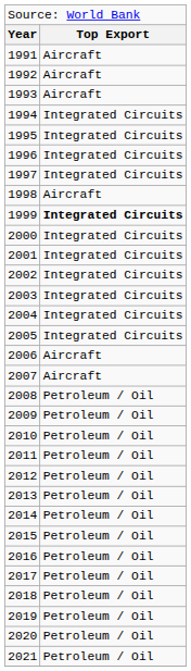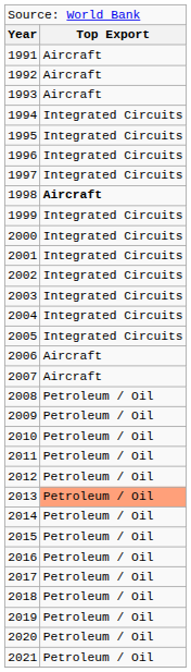 <table class="wikitable sortable"|>
 <tr>
 <td colspan="2”">Source: <a href='#'>World Bank</a></td>
 </tr>
 <tr>
 <th nowrap><strong>Year</strong></th>
 <th nowrap><strong>Top Export </strong></th>
 </tr>
 <tr>
 <td>1991</td>
 <td>Aircraft</td>
 </tr>
 <tr>
 <td>1992</td>
 <td>Aircraft</td>
 </tr>
 <tr>
 <td>1993</td>
 <td>Aircraft</td>
 </tr>
 <tr>
 <td>1994</td>
 <td>Integrated Circuits</td>
 </tr>
 <tr>
 <td>1995</td>
 <td>Integrated Circuits</td>
 </tr>
 <tr>
 <td>1996</td>
 <td>Integrated Circuits</td>
 </tr>
 <tr>
 <td>1997</td>
 <td>Integrated Circuits</td>
 </tr>
 <tr>
 <td>1998</td>
-<td>Aircraft</td>
+<td><strong>Aircraft</strong></td>
 </tr>
 <tr>
 <td>1999</td>
-<td><strong>Integrated Circuits</strong></td>
+<td>Integrated Circuits</td>
 </tr>
 <tr>
 <td>2000</td>
 <td>Integrated Circuits</td>
 </tr>
 <tr>
 <td>2001</td>
 <td>Integrated Circuits</td>
 </tr>
 <tr>
 <td>2002</td>
 <td>Integrated Circuits</td>
 </tr>
 <tr>
 <td>2003</td>
 <td>Integrated Circuits</td>
 </tr>
 <tr>
 <td>2004</td>
 <td>Integrated Circuits</td>
 </tr>
 <tr>
 <td>2005</td>
 <td>Integrated Circuits</td>
 </tr>
 <tr>
 <td>2006</td>
 <td>Aircraft</td>
 </tr>
 <tr>
 <td>2007</td>
 <td>Aircraft</td>
 </tr>
 <tr>
 <td>2008</td>
 <td>Petroleum / Oil</td>
 </tr>
 <tr>
 <td>2009</td>
 <td>Petroleum / Oil</td>
 </tr>
 <tr>
 <td>2010</td>
 <td>Petroleum / Oil</td>
 </tr>
 <tr>
 <td>2011</td>
 <td>Petroleum / Oil</td>
 </tr>
 <tr>
 <td>2012</td>
 <td>Petroleum / Oil</td>
 </tr>
 <tr>
 <td>2013</td>
-<td>Petroleum / Oil</td>
+<td style="background: lightsalmon;">Petroleum / Oil</td>
 </tr>
 <tr>
 <td>2014</td>
 <td>Petroleum / Oil</td>
 </tr>
 <tr>
 <td>2015</td>
 <td>Petroleum / Oil</td>
 </tr>
 <tr>
 <td>2016</td>
 <td>Petroleum / Oil</td>
 </tr>
 <tr>
 <td>2017</td>
 <td>Petroleum / Oil</td>
 </tr>
 <tr>
 <td>2018</td>
 <td>Petroleum / Oil</td>
 </tr>
 <tr>
 <td>2019</td>
 <td>Petroleum / Oil</td>
 </tr>
 <tr>
 <td>2020</td>
 <td>Petroleum / Oil</td>
 </tr>
 <tr>
 <td>2021</td>
 <td>Petroleum / Oil</td>
 </tr>
 <tr>
 </tr>
 </table>
